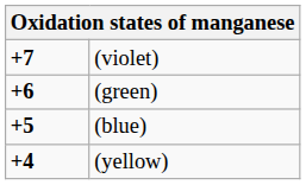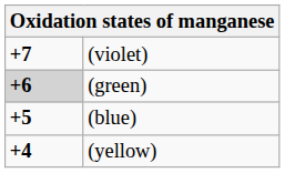 <table class="wikitable floatright">
 <tr>
 <th colspan=2>Oxidation states of manganese</th>
 </tr>
 <tr>
 <td><strong>+7</strong></td>
 <td><a href='#'></a> (violet)</td>
 </tr>
 <tr>
-<td><strong>+6</strong></td>
+<td style="background: lightgrey;"><strong>+6</strong></td>
 <td><a href='#'></a> (green)</td>
 </tr>
 <tr>
 <td><strong>+5</strong></td>
 <td><a href='#'></a> (blue)</td>
 </tr>
 <tr>
 <td><strong>+4</strong></td>
 <td><a href='#'></a> (yellow)</td>
 </tr>
 </table>
